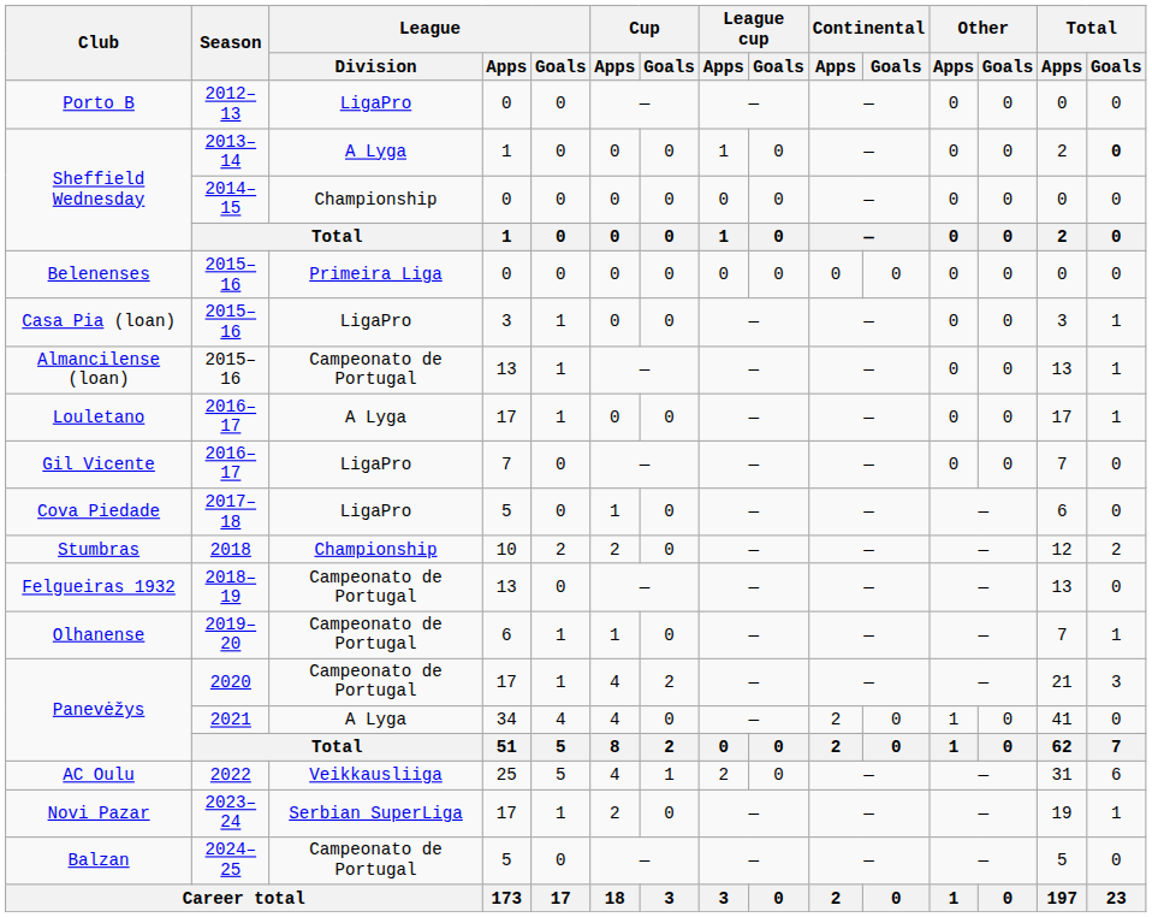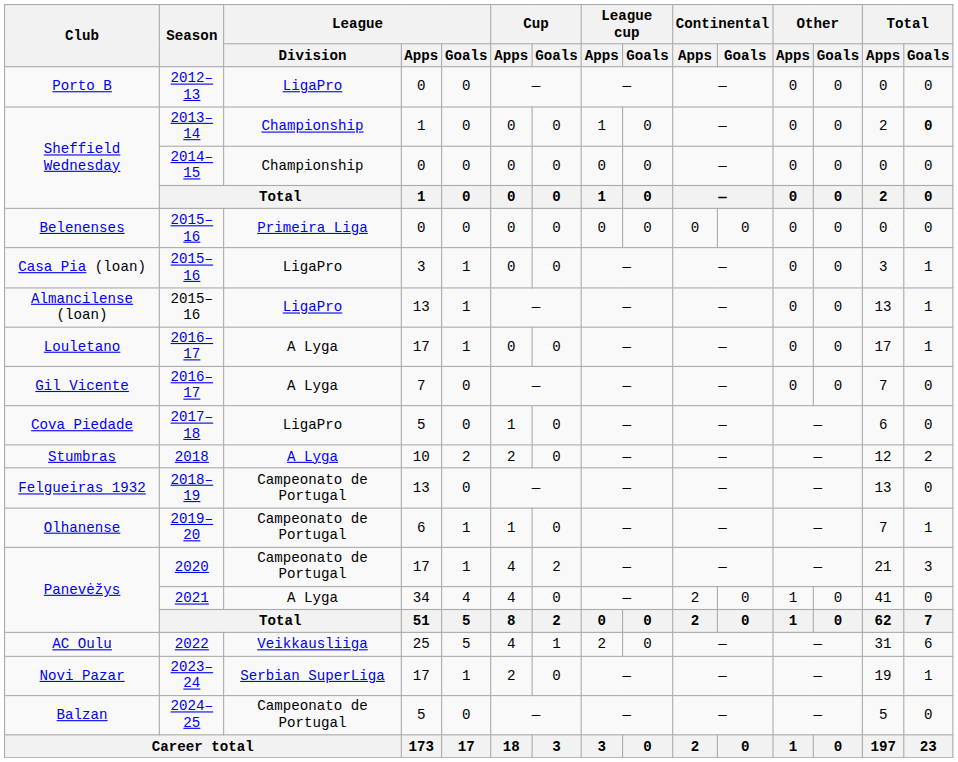 <table class="wikitable" style="text-align:center">
 <tr>
 <th rowspan="2">Club</th>
 <th rowspan="2">Season</th>
 <th colspan="3">League</th>
 <th colspan="2">Cup</th>
 <th colspan="2">League cup</th>
 <th colspan="2">Continental</th>
 <th colspan="2">Other</th>
 <th colspan="2">Total</th>
 </tr>
 <tr>
 <th>Division</th>
 <th>Apps</th>
 <th>Goals</th>
 <th>Apps</th>
 <th>Goals</th>
 <th>Apps</th>
 <th>Goals</th>
 <th>Apps</th>
 <th>Goals</th>
 <th>Apps</th>
 <th>Goals</th>
 <th>Apps</th>
 <th>Goals</th>
 </tr>
 <tr>
 <td><a href='#'>Porto B</a></td>
 <td><a href='#'>2012–13</a></td>
 <td rowspan="1"><a href='#'>LigaPro</a></td>
 <td>0</td>
 <td>0</td>
 <td colspan="2">—</td>
 <td colspan="2">—</td>
 <td colspan="2">—</td>
 <td>0</td>
 <td>0</td>
 <td>0</td>
 <td>0</td>
 </tr>
 <tr>
 <td rowspan="3"><a href='#'>Sheffield Wednesday</a></td>
 <td><a href='#'>2013–14</a></td>
-<td><a href='#'>A Lyga</a></td>
+<td><a href='#'>Championship</a></td>
 <td>1</td>
 <td>0</td>
 <td>0</td>
 <td>0</td>
 <td>1</td>
 <td>0</td>
 <td colspan="2">—</td>
 <td>0</td>
 <td>0</td>
 <td>2</td>
 <td><strong>0</strong></td>
 </tr>
 <tr>
 <td><a href='#'>2014–15</a></td>
 <td>Championship</td>
 <td>0</td>
 <td>0</td>
 <td>0</td>
 <td>0</td>
 <td>0</td>
 <td>0</td>
 <td colspan="2">—</td>
 <td>0</td>
 <td>0</td>
 <td>0</td>
 <td>0</td>
 </tr>
 <tr>
 <th colspan="2">Total</th>
 <th>1</th>
 <th>0</th>
 <th>0</th>
 <th>0</th>
 <th>1</th>
 <th>0</th>
 <th colspan="2">—</th>
 <th>0</th>
 <th>0</th>
 <th>2</th>
 <th>0</th>
 </tr>
 <tr>
 <td><a href='#'>Belenenses</a></td>
 <td><a href='#'>2015–16</a></td>
 <td><a href='#'>Primeira Liga</a></td>
 <td>0</td>
 <td>0</td>
 <td>0</td>
 <td>0</td>
 <td>0</td>
 <td>0</td>
 <td>0</td>
 <td>0</td>
 <td>0</td>
 <td>0</td>
 <td>0</td>
 <td>0</td>
 </tr>
 <tr>
 <td><a href='#'>Casa Pia</a> (loan)</td>
 <td><a href='#'>2015–16</a></td>
 <td>LigaPro</td>
 <td>3</td>
 <td>1</td>
 <td>0</td>
 <td>0</td>
 <td colspan="2">—</td>
 <td colspan="2">—</td>
 <td>0</td>
 <td>0</td>
 <td>3</td>
 <td>1</td>
 </tr>
 <tr>
 <td><a href='#'>Almancilense</a> (loan)</td>
 <td>2015–16</td>
-<td>Campeonato de Portugal</td>
+<td rowspan="1"><a href='#'>LigaPro</a></td>
 <td>13</td>
 <td>1</td>
 <td colspan="2">—</td>
 <td colspan="2">—</td>
 <td colspan="2">—</td>
 <td>0</td>
 <td>0</td>
 <td>13</td>
 <td>1</td>
 </tr>
 <tr>
 <td><a href='#'>Louletano</a></td>
 <td><a href='#'>2016–17</a></td>
 <td>A Lyga</td>
 <td>17</td>
 <td>1</td>
 <td>0</td>
 <td>0</td>
 <td colspan="2">—</td>
 <td colspan="2">—</td>
 <td>0</td>
 <td>0</td>
 <td>17</td>
 <td>1</td>
 </tr>
 <tr>
 <td><a href='#'>Gil Vicente</a></td>
 <td><a href='#'>2016–17</a></td>
-<td>LigaPro</td>
+<td>A Lyga</td>
 <td>7</td>
 <td>0</td>
 <td colspan="2">—</td>
 <td colspan="2">—</td>
 <td colspan="2">—</td>
 <td>0</td>
 <td>0</td>
 <td>7</td>
 <td>0</td>
 </tr>
 <tr>
 <td><a href='#'>Cova Piedade</a></td>
 <td><a href='#'>2017–18</a></td>
 <td>LigaPro</td>
 <td>5</td>
 <td>0</td>
 <td>1</td>
 <td>0</td>
 <td colspan="2">—</td>
 <td colspan="2">—</td>
 <td colspan="2">—</td>
 <td>6</td>
 <td>0</td>
 </tr>
 <tr>
 <td><a href='#'>Stumbras</a></td>
 <td><a href='#'>2018</a></td>
-<td><a href='#'>Championship</a></td>
+<td><a href='#'>A Lyga</a></td>
 <td>10</td>
 <td>2</td>
 <td>2</td>
 <td>0</td>
 <td colspan="2">—</td>
 <td colspan="2">—</td>
 <td colspan="2">—</td>
 <td>12</td>
 <td>2</td>
 </tr>
 <tr>
 <td><a href='#'>Felgueiras 1932</a></td>
 <td><a href='#'>2018–19</a></td>
 <td>Campeonato de Portugal</td>
 <td>13</td>
 <td>0</td>
 <td colspan="2">—</td>
 <td colspan="2">—</td>
 <td colspan="2">—</td>
 <td colspan="2">—</td>
 <td>13</td>
 <td>0</td>
 </tr>
 <tr>
 <td><a href='#'>Olhanense</a></td>
 <td><a href='#'>2019–20</a></td>
 <td>Campeonato de Portugal</td>
 <td>6</td>
 <td>1</td>
 <td>1</td>
 <td>0</td>
 <td colspan="2">—</td>
 <td colspan="2">—</td>
 <td colspan="2">—</td>
 <td>7</td>
 <td>1</td>
 </tr>
 <tr>
 <td rowspan=3><a href='#'>Panevėžys</a></td>
 <td><a href='#'>2020</a></td>
 <td>Campeonato de Portugal</td>
 <td>17</td>
 <td>1</td>
 <td>4</td>
 <td>2</td>
 <td colspan="2">—</td>
 <td colspan="2">—</td>
 <td colspan="2">—</td>
 <td>21</td>
 <td>3</td>
 </tr>
 <tr>
 <td><a href='#'>2021</a></td>
 <td>A Lyga</td>
 <td>34</td>
 <td>4</td>
 <td>4</td>
 <td>0</td>
 <td colspan="2">—</td>
 <td>2</td>
 <td>0</td>
 <td>1</td>
 <td>0</td>
 <td>41</td>
 <td>0</td>
 </tr>
 <tr>
 <th colspan=2>Total</th>
 <th>51</th>
 <th>5</th>
 <th>8</th>
 <th>2</th>
 <th>0</th>
 <th>0</th>
 <th>2</th>
 <th>0</th>
 <th>1</th>
 <th>0</th>
 <th>62</th>
 <th>7</th>
 </tr>
 <tr>
 <td><a href='#'>AC Oulu</a></td>
 <td><a href='#'>2022</a></td>
 <td><a href='#'>Veikkausliiga</a></td>
 <td>25</td>
 <td>5</td>
 <td>4</td>
 <td>1</td>
 <td>2</td>
 <td>0</td>
 <td colspan="2">—</td>
 <td colspan="2">—</td>
 <td>31</td>
 <td>6</td>
 </tr>
 <tr>
 <td><a href='#'>Novi Pazar</a></td>
 <td><a href='#'>2023–24</a></td>
 <td><a href='#'>Serbian SuperLiga</a></td>
 <td>17</td>
 <td>1</td>
 <td>2</td>
 <td>0</td>
 <td colspan="2">—</td>
 <td colspan="2">—</td>
 <td colspan="2">—</td>
 <td>19</td>
 <td>1</td>
 </tr>
 <tr>
 <td><a href='#'>Balzan</a></td>
 <td><a href='#'>2024–25</a></td>
 <td>Campeonato de Portugal</td>
 <td>5</td>
 <td>0</td>
 <td colspan="2">—</td>
 <td colspan="2">—</td>
 <td colspan="2">—</td>
 <td colspan="2">—</td>
 <td>5</td>
 <td>0</td>
 </tr>
 <tr>
 <th colspan="3">Career total</th>
 <th>173</th>
 <th>17</th>
 <th>18</th>
 <th>3</th>
 <th>3</th>
 <th>0</th>
 <th>2</th>
 <th>0</th>
 <th>1</th>
 <th>0</th>
 <th>197</th>
 <th>23</th>
 </tr>
 </table>
